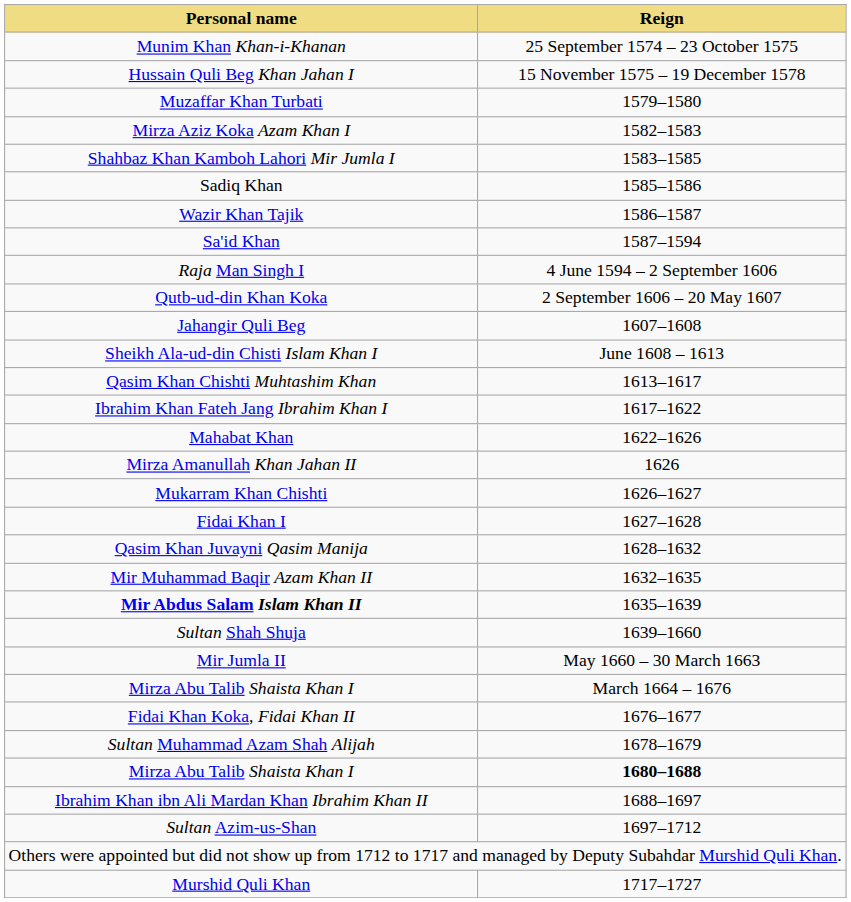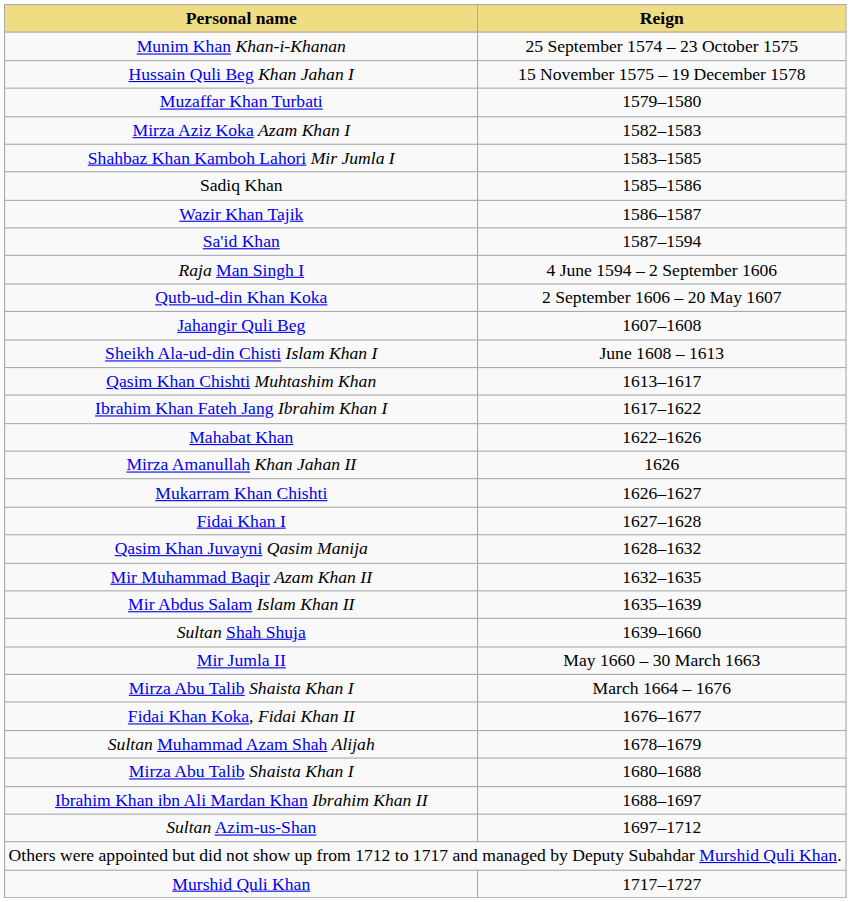 <table class="wikitable">
 <tr>
 <th style="background:#f0dc82;">Personal name</th>
 <th style="background:#f0dc82;">Reign</th>
 </tr>
 <tr>
 <td style="text-align:center;"><a href='#'>Munim Khan</a> <em>Khan-i-Khanan</em> <br> <small> </small></td>
 <td style="text-align:center;">25 September 1574 – 23 October 1575</td>
 </tr>
 <tr>
 <td style="text-align:center;"><a href='#'>Hussain Quli Beg</a> <em>Khan Jahan I</em><br> <small> </small></td>
 <td style="text-align:center;">15 November 1575 – 19 December 1578</td>
 </tr>
 <tr>
 <td style="text-align:center;"><a href='#'>Muzaffar Khan Turbati</a><br> <small> </small></td>
 <td style="text-align:center;">1579–1580</td>
 </tr>
 <tr>
 <td style="text-align:center;"><a href='#'>Mirza Aziz Koka</a> <em>Azam Khan I</em> <br> <small></small></td>
 <td style="text-align:center;">1582–1583</td>
 </tr>
 <tr>
 <td style="text-align:center;"><a href='#'>Shahbaz Khan Kamboh Lahori</a> <em>Mir Jumla I</em><br> <small></small></td>
 <td style="text-align:center;">1583–1585</td>
 </tr>
 <tr>
 <td style="text-align:center;">Sadiq Khan<br> <small></small></td>
 <td style="text-align:center;">1585–1586</td>
 </tr>
 <tr>
 <td style="text-align:center;"><a href='#'>Wazir Khan Tajik</a> <br> <small></small></td>
 <td style="text-align:center;">1586–1587</td>
 </tr>
 <tr>
 <td style="text-align:center;"><a href='#'>Sa'id Khan</a><br> <small></small></td>
 <td style="text-align:center;">1587–1594</td>
 </tr>
 <tr>
 <td style="text-align:center;"><em>Raja</em> <a href='#'>Man Singh I</a><br> <small></small></td>
 <td style="text-align:center;">4 June 1594 – 2 September 1606</td>
 </tr>
 <tr>
 <td style="text-align:center;"><a href='#'>Qutb-ud-din Khan Koka</a> <br> <small></small></td>
 <td style="text-align:center;">2 September 1606 – 20 May 1607</td>
 </tr>
 <tr>
 <td style="text-align:center;"><a href='#'>Jahangir Quli Beg</a><br> <small></small></td>
 <td style="text-align:center;">1607–1608</td>
 </tr>
 <tr>
 <td style="text-align:center;"><a href='#'>Sheikh Ala-ud-din Chisti</a> <em>Islam Khan I</em><br> <small></small></td>
 <td style="text-align:center;">June 1608 – 1613</td>
 </tr>
 <tr>
 <td style="text-align:center;"><a href='#'>Qasim Khan Chishti</a> <em>Muhtashim Khan</em> <br> <small></small></td>
 <td style="text-align:center;">1613–1617</td>
 </tr>
 <tr>
 <td style="text-align:center;"><a href='#'>Ibrahim Khan Fateh Jang</a> <em>Ibrahim Khan I</em> <br> <small></small></td>
 <td style="text-align:center;">1617–1622</td>
 </tr>
 <tr>
 <td style="text-align:center;"><a href='#'>Mahabat Khan</a> <br> <small></small></td>
 <td style="text-align:center;">1622–1626</td>
 </tr>
 <tr>
 <td style="text-align:center;"><a href='#'>Mirza Amanullah</a> <em>Khan Jahan II</em><br> <small></small></td>
 <td style="text-align:center;">1626</td>
 </tr>
 <tr>
 <td style="text-align:center;"><a href='#'>Mukarram Khan Chishti</a> <br> <small></small></td>
 <td style="text-align:center;">1626–1627</td>
 </tr>
 <tr>
 <td style="text-align:center;"><a href='#'>Fidai Khan I</a> <br> <small> </small></td>
 <td style="text-align:center;">1627–1628</td>
 </tr>
 <tr>
 <td style="text-align:center;"><a href='#'>Qasim Khan Juvayni</a> <em>Qasim Manija</em><br> <small> </small></td>
 <td style="text-align:center;">1628–1632</td>
 </tr>
 <tr>
 <td style="text-align:center;"><a href='#'>Mir Muhammad Baqir</a> <em>Azam Khan II</em><br> <small> </small></td>
 <td style="text-align:center;">1632–1635</td>
 </tr>
 <tr>
-<td style="text-align:center;"><strong><a href='#'>Mir Abdus Salam</a> <em>Islam Khan II</em><br> <small> </small></strong></td>
+<td style="text-align:center;"><a href='#'>Mir Abdus Salam</a> <em>Islam Khan II</em><br> <small> </small></td>
 <td style="text-align:center;">1635–1639</td>
 </tr>
 <tr>
 <td style="text-align:center;"><em>Sultan</em> <a href='#'>Shah Shuja</a> <br> <small> </small></td>
 <td style="text-align:center;">1639–1660</td>
 </tr>
 <tr>
 <td style="text-align:center;"><a href='#'>Mir Jumla II</a> <br> <small> </small></td>
 <td style="text-align:center;">May 1660 – 30 March 1663</td>
 </tr>
 <tr>
 <td style="text-align:center;"><a href='#'>Mirza Abu Talib</a> <em>Shaista Khan I</em><br> <small> </small></td>
 <td style="text-align:center;">March 1664 – 1676</td>
 </tr>
 <tr>
 <td style="text-align:center;"><a href='#'>Fidai Khan Koka</a>, <em>Fidai Khan II</em> <br> <small> </small></td>
 <td style="text-align:center;">1676–1677</td>
 </tr>
 <tr>
 <td style="text-align:center;"><em>Sultan</em> <a href='#'>Muhammad Azam Shah</a> <em>Alijah</em><br> <small> </small></td>
 <td style="text-align:center;">1678–1679</td>
 </tr>
 <tr>
 <td style="text-align:center;"><a href='#'>Mirza Abu Talib</a> <em>Shaista Khan I</em><br> <small> </small></td>
-<td style="text-align:center;"><strong>1680–1688</strong></td>
+<td style="text-align:center;">1680–1688</td>
 </tr>
 <tr>
 <td style="text-align:center;"><a href='#'>Ibrahim Khan ibn Ali Mardan Khan</a> <em>Ibrahim Khan II</em> <br> <small> </small></td>
 <td style="text-align:center;">1688–1697</td>
 </tr>
 <tr>
 <td style="text-align:center;"><em>Sultan</em> <a href='#'>Azim-us-Shan</a><br> <small> </small></td>
 <td style="text-align:center;">1697–1712</td>
 </tr>
 <tr>
 <td colspan="4" style="text-align:center;">Others were appointed but did not show up from 1712 to 1717 and managed by Deputy Subahdar <a href='#'>Murshid Quli Khan</a>.</td>
 </tr>
 <tr>
 <td style="text-align:center;"><a href='#'>Murshid Quli Khan</a> <br> <small> </small></td>
 <td style="text-align:center;">1717–1727</td>
 </tr>
 </table>
